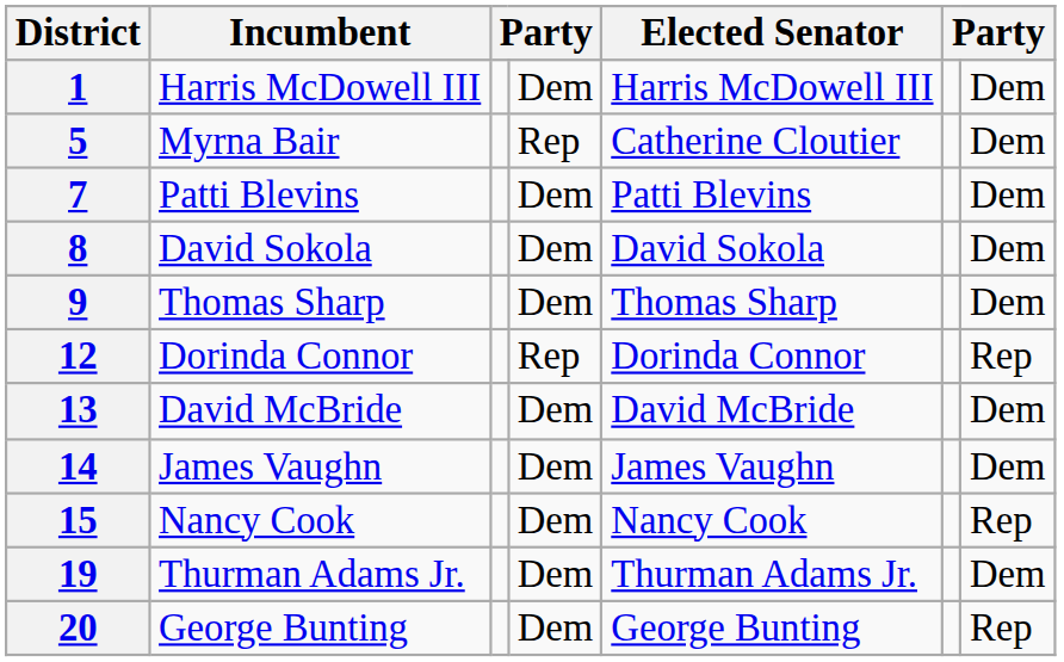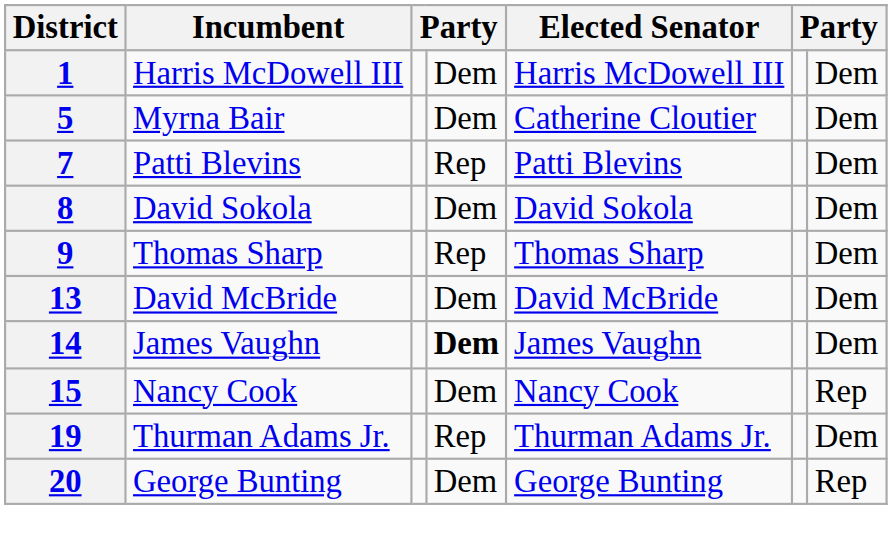 <table class="sortable wikitable" style="font-size:95%;line-height:14px;">
 <tr>
 <th colspan="1">District</th>
 <th class="unsortable">Incumbent</th>
 <th colspan="2">Party</th>
 <th class="unsortable">Elected Senator</th>
 <th colspan="2">Party</th>
 </tr>
 <tr>
 <th><a href='#'>1</a></th>
 <td><a href='#'>Harris McDowell III</a></td>
 <td style="background:"></td>
 <td>Dem</td>
 <td><a href='#'>Harris McDowell III</a></td>
 <td style="background:"></td>
 <td>Dem</td>
 </tr>
 <tr>
 <th><a href='#'>5</a></th>
 <td><a href='#'>Myrna Bair</a></td>
 <td style="background:"></td>
-<td>Rep</td>
+<td>Dem</td>
 <td><a href='#'>Catherine Cloutier</a></td>
 <td style="background:"></td>
 <td>Dem</td>
 </tr>
 <tr>
 <th><a href='#'>7</a></th>
 <td><a href='#'>Patti Blevins</a></td>
 <td style="background:"></td>
-<td>Dem</td>
+<td>Rep</td>
 <td><a href='#'>Patti Blevins</a></td>
 <td style="background:"></td>
 <td>Dem</td>
 </tr>
 <tr>
 <th><a href='#'>8</a></th>
 <td><a href='#'>David Sokola</a></td>
 <td style="background:"></td>
 <td>Dem</td>
 <td><a href='#'>David Sokola</a></td>
 <td style="background:"></td>
 <td>Dem</td>
 </tr>
 <tr>
 <th><a href='#'>9</a></th>
 <td><a href='#'>Thomas Sharp</a></td>
 <td style="background:"></td>
-<td>Dem</td>
+<td>Rep</td>
 <td><a href='#'>Thomas Sharp</a></td>
 <td style="background:"></td>
 <td>Dem</td>
-</tr>
-<tr>
-<th><a href='#'>12</a></th>
-<td><a href='#'>Dorinda Connor</a></td>
-<td style="background:"></td>
-<td>Rep</td>
-<td><a href='#'>Dorinda Connor</a></td>
-<td style="background:"></td>
-<td>Rep</td>
 </tr>
 <tr>
 <th><a href='#'>13</a></th>
 <td><a href='#'>David McBride</a></td>
 <td style="background:"></td>
 <td>Dem</td>
 <td><a href='#'>David McBride</a></td>
 <td style="background:"></td>
 <td>Dem</td>
 </tr>
 <tr>
 <th><a href='#'>14</a></th>
 <td><a href='#'>James Vaughn</a></td>
 <td style="background:"></td>
-<td>Dem</td>
+<td><strong>Dem</strong></td>
 <td><a href='#'>James Vaughn</a></td>
 <td style="background:"></td>
 <td>Dem</td>
 </tr>
 <tr>
 <th><a href='#'>15</a></th>
 <td><a href='#'>Nancy Cook</a></td>
 <td style="background:"></td>
 <td>Dem</td>
 <td><a href='#'>Nancy Cook</a></td>
 <td style="background:"></td>
 <td>Rep</td>
 </tr>
 <tr>
 <th><a href='#'>19</a></th>
 <td><a href='#'>Thurman Adams Jr.</a></td>
 <td style="background:"></td>
-<td>Dem</td>
+<td>Rep</td>
 <td><a href='#'>Thurman Adams Jr.</a></td>
 <td style="background:"></td>
 <td>Dem</td>
 </tr>
 <tr>
 <th><a href='#'>20</a></th>
 <td><a href='#'>George Bunting</a></td>
 <td style="background:"></td>
 <td>Dem</td>
 <td><a href='#'>George Bunting</a></td>
 <td style="background:"></td>
 <td>Rep</td>
 </tr>
 </table>
